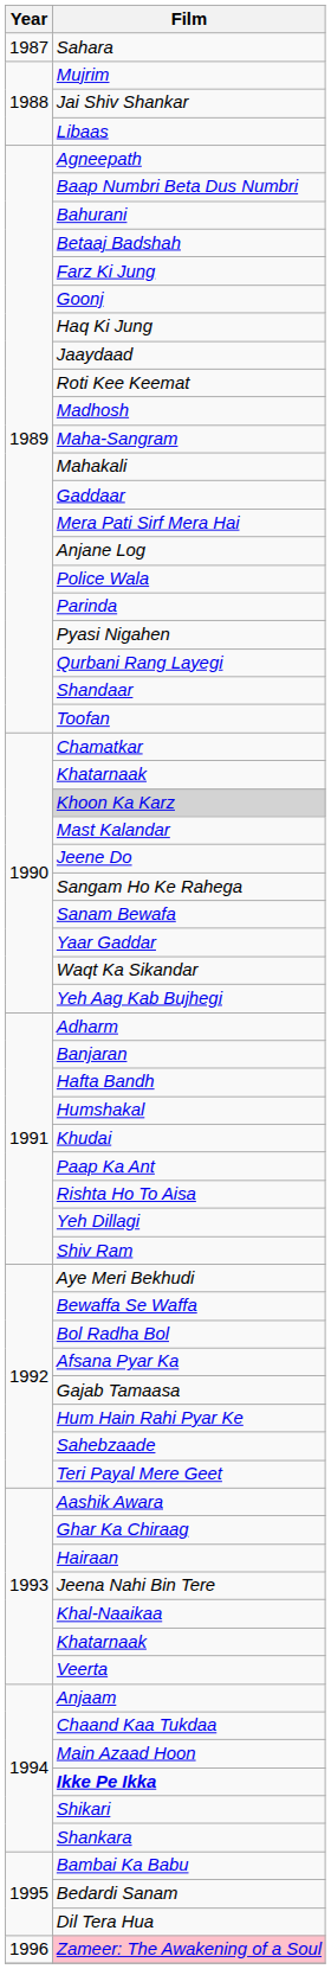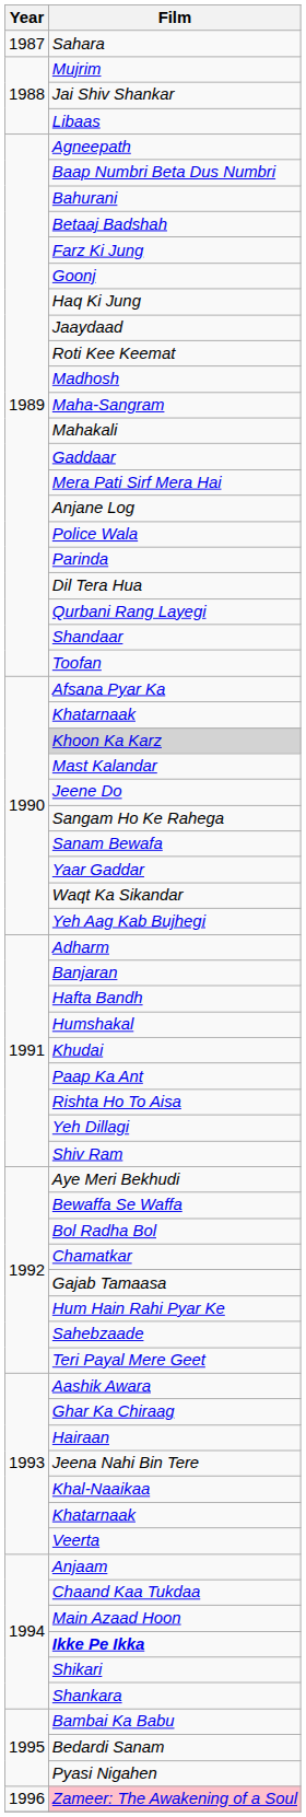 <table class="wikitable sortable">
 <tr>
 <th>Year</th>
 <th>Film</th>
 </tr>
 <tr>
 <td>1987</td>
 <td><em>Sahara</em></td>
 </tr>
 <tr>
 <td rowspan="3">1988</td>
 <td><em><a href='#'>Mujrim</a></em></td>
 </tr>
 <tr>
 <td><em>Jai Shiv Shankar</em></td>
 </tr>
 <tr>
 <td><em><a href='#'>Libaas</a></em></td>
 </tr>
 <tr>
 <td rowspan="21">1989</td>
 <td><em><a href='#'>Agneepath</a></em></td>
 </tr>
 <tr>
 <td><em><a href='#'>Baap Numbri Beta Dus Numbri</a></em></td>
 </tr>
 <tr>
 <td><em><a href='#'>Bahurani</a></em></td>
 </tr>
 <tr>
 <td><em><a href='#'>Betaaj Badshah</a></em></td>
 </tr>
 <tr>
 <td><em><a href='#'>Farz Ki Jung</a></em></td>
 </tr>
 <tr>
 <td><em><a href='#'>Goonj</a></em></td>
 </tr>
 <tr>
 <td><em>Haq Ki Jung</em></td>
 </tr>
 <tr>
 <td><em>Jaaydaad</em></td>
 </tr>
 <tr>
 <td><em>Roti Kee Keemat</em></td>
 </tr>
 <tr>
 <td><em><a href='#'>Madhosh</a></em></td>
 </tr>
 <tr>
 <td><em><a href='#'>Maha-Sangram</a></em></td>
 </tr>
 <tr>
 <td><em>Mahakali</em></td>
 </tr>
 <tr>
 <td><em><a href='#'>Gaddaar</a></em></td>
 </tr>
 <tr>
 <td><em><a href='#'>Mera Pati Sirf Mera Hai</a></em></td>
 </tr>
 <tr>
 <td><em>Anjane Log</em></td>
 </tr>
 <tr>
 <td><em><a href='#'>Police Wala</a></em></td>
 </tr>
 <tr>
 <td><em><a href='#'>Parinda</a></em></td>
 </tr>
 <tr>
-<td><em>Pyasi Nigahen</em></td>
+<td><em>Dil Tera Hua</em></td>
 </tr>
 <tr>
 <td><em><a href='#'>Qurbani Rang Layegi</a></em></td>
 </tr>
 <tr>
 <td><em><a href='#'>Shandaar</a></em></td>
 </tr>
 <tr>
 <td><em><a href='#'>Toofan</a></em></td>
 </tr>
 <tr>
 <td rowspan="10">1990</td>
-<td><em><a href='#'>Chamatkar</a></em></td>
+<td><em><a href='#'>Afsana Pyar Ka</a></em></td>
 </tr>
 <tr>
 <td><em><a href='#'>Khatarnaak</a></em></td>
 </tr>
 <tr>
 <td style="background: lightgrey;"><em><a href='#'>Khoon Ka Karz</a></em></td>
 </tr>
 <tr>
 <td><em><a href='#'>Mast Kalandar</a></em></td>
 </tr>
 <tr>
 <td><em><a href='#'>Jeene Do</a></em></td>
 </tr>
 <tr>
 <td><em>Sangam Ho Ke Rahega</em></td>
 </tr>
 <tr>
 <td><em><a href='#'>Sanam Bewafa</a></em></td>
 </tr>
 <tr>
 <td><em><a href='#'>Yaar Gaddar</a></em></td>
 </tr>
 <tr>
 <td><em>Waqt Ka Sikandar</em></td>
 </tr>
 <tr>
 <td><em><a href='#'>Yeh Aag Kab Bujhegi</a></em></td>
 </tr>
 <tr>
 <td rowspan="9">1991</td>
 <td><em><a href='#'>Adharm</a></em></td>
 </tr>
 <tr>
 <td><em><a href='#'>Banjaran</a></em></td>
 </tr>
 <tr>
 <td><em><a href='#'>Hafta Bandh</a></em></td>
 </tr>
 <tr>
 <td><em><a href='#'>Humshakal</a></em></td>
 </tr>
 <tr>
 <td><em><a href='#'>Khudai</a></em></td>
 </tr>
 <tr>
 <td><em><a href='#'>Paap Ka Ant</a></em></td>
 </tr>
 <tr>
 <td><em><a href='#'>Rishta Ho To Aisa</a></em></td>
 </tr>
 <tr>
 <td><em><a href='#'>Yeh Dillagi</a></em></td>
 </tr>
 <tr>
 <td><em><a href='#'>Shiv Ram</a></em></td>
 </tr>
 <tr>
 <td rowspan="8">1992</td>
 <td><em>Aye Meri Bekhudi</em></td>
 </tr>
 <tr>
 <td><em><a href='#'>Bewaffa Se Waffa</a></em></td>
 </tr>
 <tr>
 <td><em><a href='#'>Bol Radha Bol</a></em></td>
 </tr>
 <tr>
-<td><em><a href='#'>Afsana Pyar Ka</a></em></td>
+<td><em><a href='#'>Chamatkar</a></em></td>
 </tr>
 <tr>
 <td><em>Gajab Tamaasa</em></td>
 </tr>
 <tr>
 <td><em><a href='#'>Hum Hain Rahi Pyar Ke</a></em></td>
 </tr>
 <tr>
 <td><em><a href='#'>Sahebzaade</a></em></td>
 </tr>
 <tr>
 <td><em><a href='#'>Teri Payal Mere Geet</a></em></td>
 </tr>
 <tr>
 <td rowspan="7">1993</td>
 <td><em><a href='#'>Aashik Awara</a></em></td>
 </tr>
 <tr>
 <td><em><a href='#'>Ghar Ka Chiraag</a></em></td>
 </tr>
 <tr>
 <td><em><a href='#'>Hairaan</a></em></td>
 </tr>
 <tr>
 <td><em>Jeena Nahi Bin Tere</em></td>
 </tr>
 <tr>
 <td><em><a href='#'>Khal-Naaikaa</a></em></td>
 </tr>
 <tr>
 <td><em><a href='#'>Khatarnaak</a></em></td>
 </tr>
 <tr>
 <td><em><a href='#'>Veerta</a></em></td>
 </tr>
 <tr>
 <td rowspan="6">1994</td>
 <td><em><a href='#'>Anjaam</a></em></td>
 </tr>
 <tr>
 <td><em><a href='#'>Chaand Kaa Tukdaa</a></em></td>
 </tr>
 <tr>
 <td><em><a href='#'>Main Azaad Hoon</a></em></td>
 </tr>
 <tr>
 <td><strong><em><a href='#'>Ikke Pe Ikka</a></em></strong></td>
 </tr>
 <tr>
 <td><em><a href='#'>Shikari</a></em></td>
 </tr>
 <tr>
 <td><em><a href='#'>Shankara</a></em></td>
 </tr>
 <tr>
 <td rowspan="3">1995</td>
 <td><em><a href='#'>Bambai Ka Babu</a></em></td>
 </tr>
 <tr>
 <td><em>Bedardi Sanam</em></td>
 </tr>
 <tr>
-<td><em>Dil Tera Hua</em></td>
+<td><em>Pyasi Nigahen</em></td>
 </tr>
 <tr>
 <td>1996</td>
 <td style="background: pink;"><em><a href='#'>Zameer: The Awakening of a Soul</a></em></td>
 </tr>
 <tr>
 </tr>
 </table>
